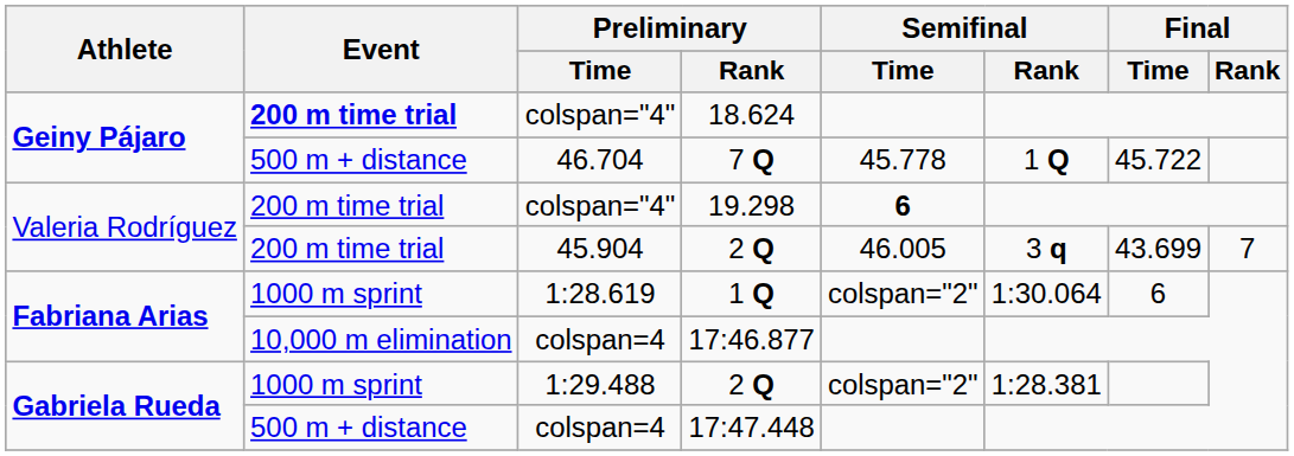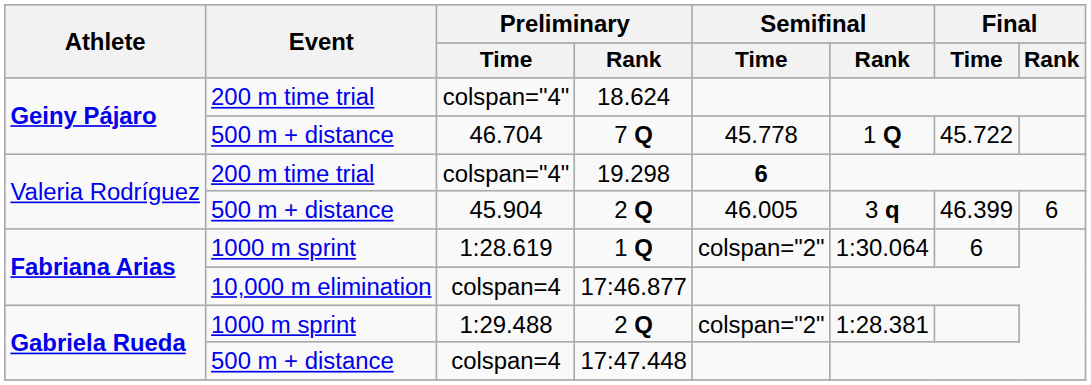 <table class=wikitable style=font-size:90%;text-align:center>
 <tr>
 <th rowspan=2>Athlete</th>
 <th rowspan=2>Event</th>
 <th colspan=2>Preliminary</th>
 <th colspan=2>Semifinal</th>
 <th colspan=2>Final</th>
 </tr>
 <tr style=font-size:95%>
 <th>Time</th>
 <th>Rank</th>
 <th>Time</th>
 <th>Rank</th>
 <th>Time</th>
 <th>Rank</th>
 </tr>
 <tr>
 <td rowspan=2 align=left><strong><a href='#'>Geiny Pájaro</a></strong></td>
-<td align=left><strong><a href='#'>200 m time trial</a></strong></td>
+<td align=left><a href='#'>200 m time trial</a></td>
 <td>colspan="4" </td>
 <td>18.624</td>
 <td></td>
 </tr>
 <tr>
 <td align=left><a href='#'>500 m + distance</a></td>
 <td>46.704</td>
 <td>7 <strong>Q</strong></td>
 <td>45.778</td>
 <td>1 <strong>Q</strong></td>
 <td>45.722</td>
 <td></td>
 </tr>
 <tr>
 <td rowspan=2 align=left><a href='#'>Valeria Rodríguez</a></td>
 <td align=left><a href='#'>200 m time trial</a></td>
 <td>colspan="4" </td>
 <td>19.298</td>
 <td><strong>6</strong></td>
 </tr>
 <tr>
-<td align=left><a href='#'>200 m time trial</a></td>
+<td align=left><a href='#'>500 m + distance</a></td>
 <td>45.904</td>
 <td>2 <strong>Q</strong></td>
 <td>46.005</td>
 <td>3 <strong>q</strong></td>
-<td>43.699</td>
-<td>7</td>
+<td>46.399</td>
+<td>6</td>
 </tr>
 <tr>
 <td rowspan=2 align=left><strong><a href='#'>Fabriana Arias</a></strong></td>
 <td align=left><a href='#'>1000 m sprint</a></td>
 <td>1:28.619</td>
 <td>1 <strong>Q</strong></td>
 <td>colspan="2" </td>
 <td>1:30.064</td>
 <td>6</td>
 </tr>
 <tr>
 <td align=left><a href='#'>10,000 m elimination</a></td>
 <td>colspan=4 </td>
 <td>17:46.877</td>
 <td></td>
 </tr>
 <tr>
 <td rowspan=2 align=left><strong><a href='#'>Gabriela Rueda</a></strong></td>
 <td align=left><a href='#'>1000 m sprint</a></td>
 <td>1:29.488</td>
 <td>2 <strong>Q</strong></td>
 <td>colspan="2" </td>
 <td>1:28.381</td>
 <td></td>
 </tr>
 <tr>
 <td align=left><a href='#'>500 m + distance</a></td>
 <td>colspan=4 </td>
 <td>17:47.448</td>
 <td></td>
 </tr>
 </table>
